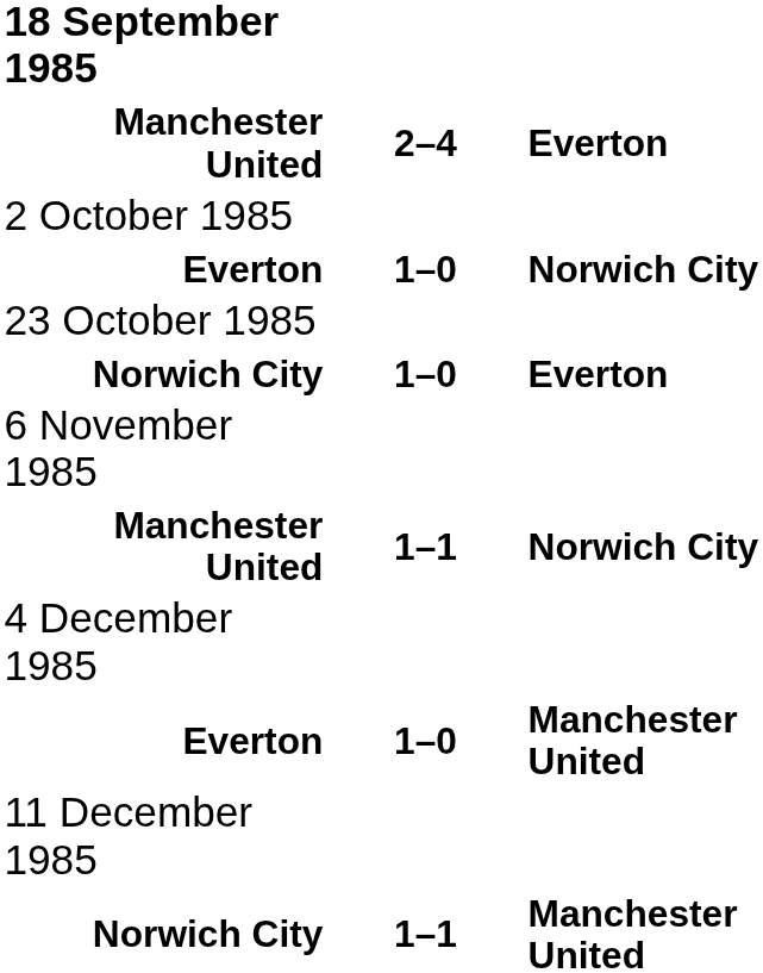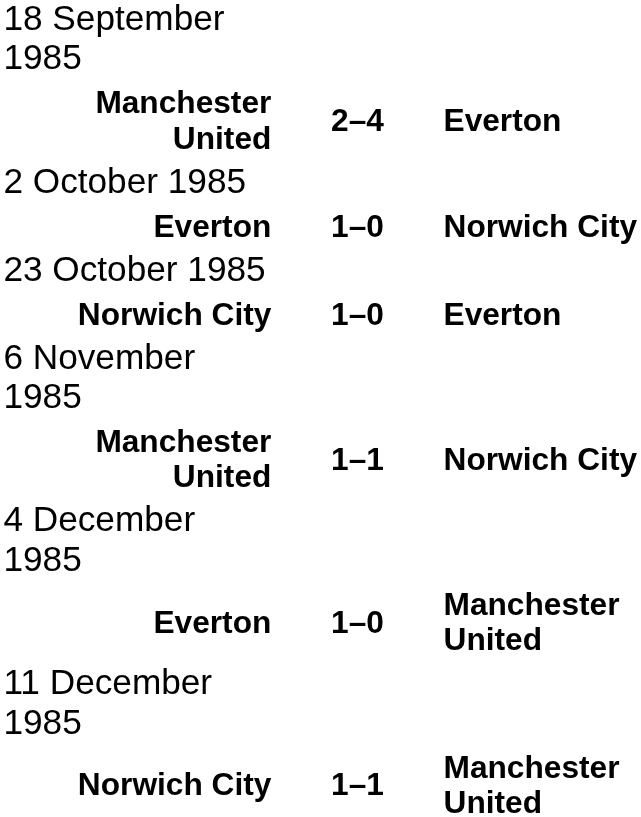 <table width=100% cellspacing=1>
 <tr>
 <th width=20%></th>
 <th width=12%></th>
 <th width=20%></th>
 <th></th>
 </tr>
 <tr>
-<td><strong>18 September 1985</strong></td>
+<td>18 September 1985</td>
 </tr>
 <tr style=font-size:90%>
 <td align=right><strong>Manchester United</strong></td>
 <td align=center><strong>2–4</strong></td>
 <td><strong>Everton</strong></td>
 </tr>
 <tr>
 <td>2 October 1985</td>
 </tr>
 <tr style=font-size:90%>
 <td align=right><strong>Everton</strong></td>
 <td align=center><strong>1–0</strong></td>
 <td><strong>Norwich City</strong></td>
 </tr>
 <tr>
 <td>23 October 1985</td>
 </tr>
 <tr style=font-size:90%>
 <td align=right><strong>Norwich City</strong></td>
 <td align=center><strong>1–0</strong></td>
 <td><strong>Everton</strong></td>
 </tr>
 <tr>
 <td>6 November 1985</td>
 </tr>
 <tr style=font-size:90%>
 <td align=right><strong>Manchester United</strong></td>
 <td align=center><strong>1–1</strong></td>
 <td><strong>Norwich City</strong></td>
 </tr>
 <tr>
 <td>4 December 1985</td>
 </tr>
 <tr style=font-size:90%>
 <td align=right><strong>Everton</strong></td>
 <td align=center><strong>1–0</strong></td>
 <td><strong>Manchester United</strong></td>
 </tr>
 <tr>
 <td>11 December 1985</td>
 </tr>
 <tr style=font-size:90%>
 <td align=right><strong>Norwich City</strong></td>
 <td align=center><strong>1–1</strong></td>
 <td><strong>Manchester United</strong></td>
 </tr>
 </table>
